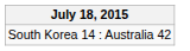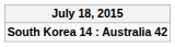 <table class="wikitable" style="text-align: center;">
 <tr>
 <th>July 18, 2015</th>
 </tr>
 <tr>
-<td>South Korea 14 : Australia 42</td>
+<td><strong>South Korea 14 : Australia 42</strong></td>
 </tr>
 </table>
